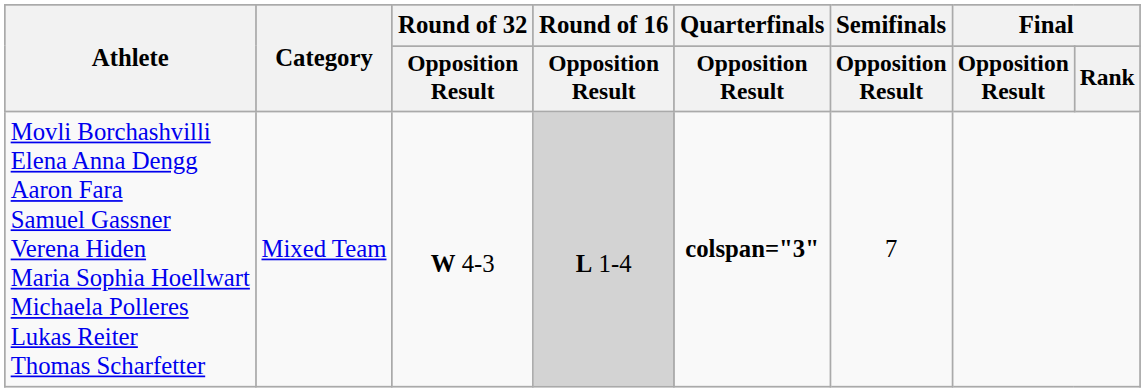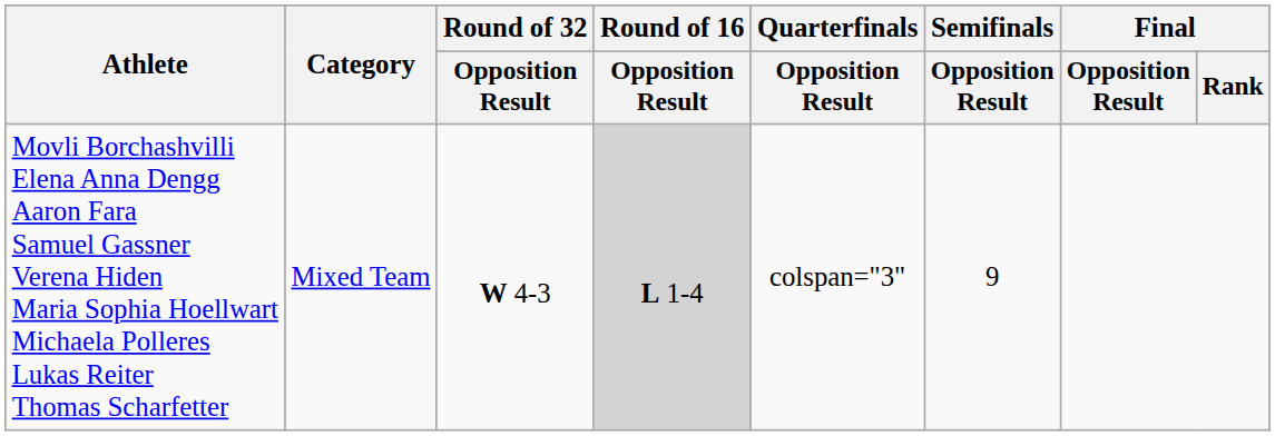 <table class="wikitable" style="text-align:center; font-size:90%">
 <tr>
 <th rowspan="2">Athlete</th>
 <th rowspan="2">Category</th>
 <th>Round of 32</th>
 <th>Round of 16</th>
 <th>Quarterfinals</th>
 <th>Semifinals</th>
 <th colspan="2">Final</th>
 </tr>
 <tr style="font-size:95%">
 <th>Opposition<br>Result</th>
 <th>Opposition<br>Result</th>
 <th>Opposition<br>Result</th>
 <th>Opposition<br>Result</th>
 <th>Opposition<br>Result</th>
 <th>Rank</th>
 </tr>
 <tr>
 <td align="left"><a href='#'>Movli Borchashvilli</a><br><a href='#'>Elena Anna Dengg</a><br><a href='#'>Aaron Fara</a><br><a href='#'>Samuel Gassner</a><br><a href='#'>Verena Hiden</a><br><a href='#'>Maria Sophia Hoellwart</a><br><a href='#'>Michaela Polleres</a><br><a href='#'>Lukas Reiter</a><br><a href='#'>Thomas Scharfetter</a></td>
 <td align="left"><a href='#'>Mixed Team</a></td>
 <td><br><strong>W</strong> 4-3</td>
 <td style="background: lightgrey;"><br><strong>L</strong> 1-4</td>
-<td><strong>colspan="3" </strong></td>
-<td>7</td>
+<td>colspan="3" </td>
+<td>9</td>
 </tr>
 </table>
